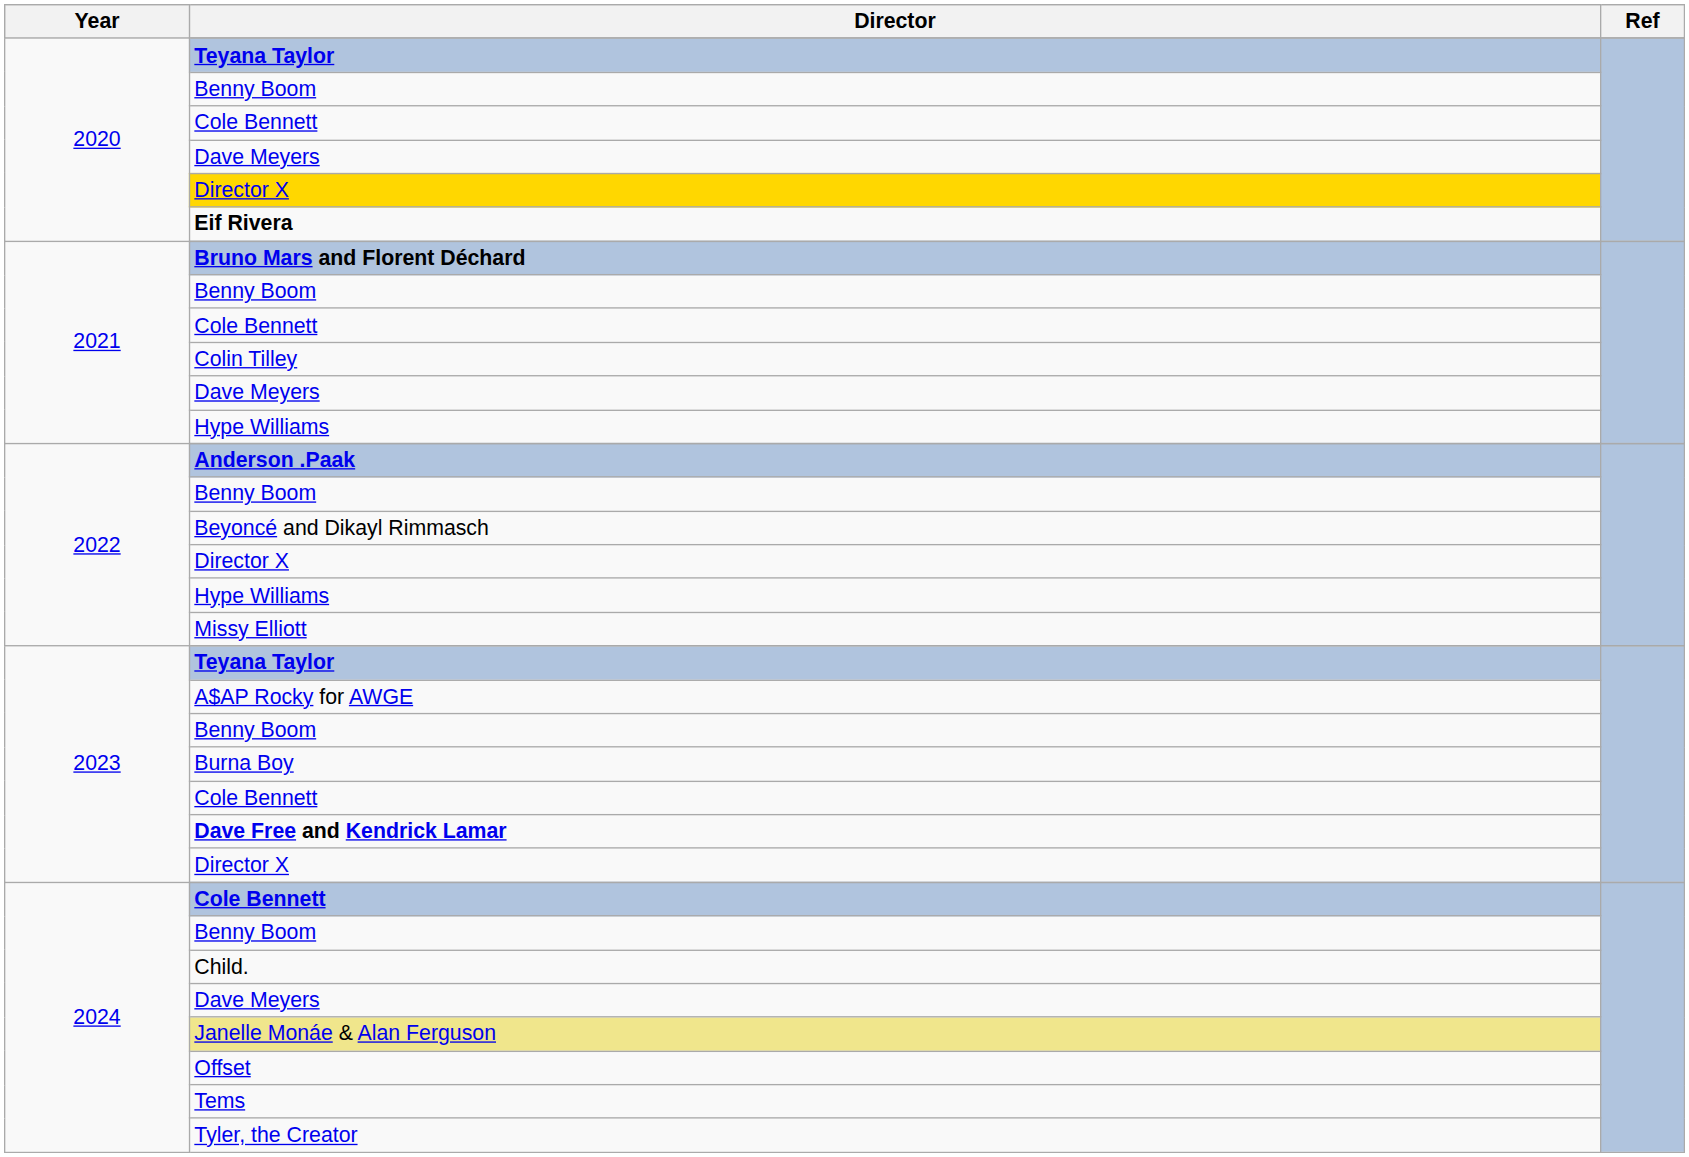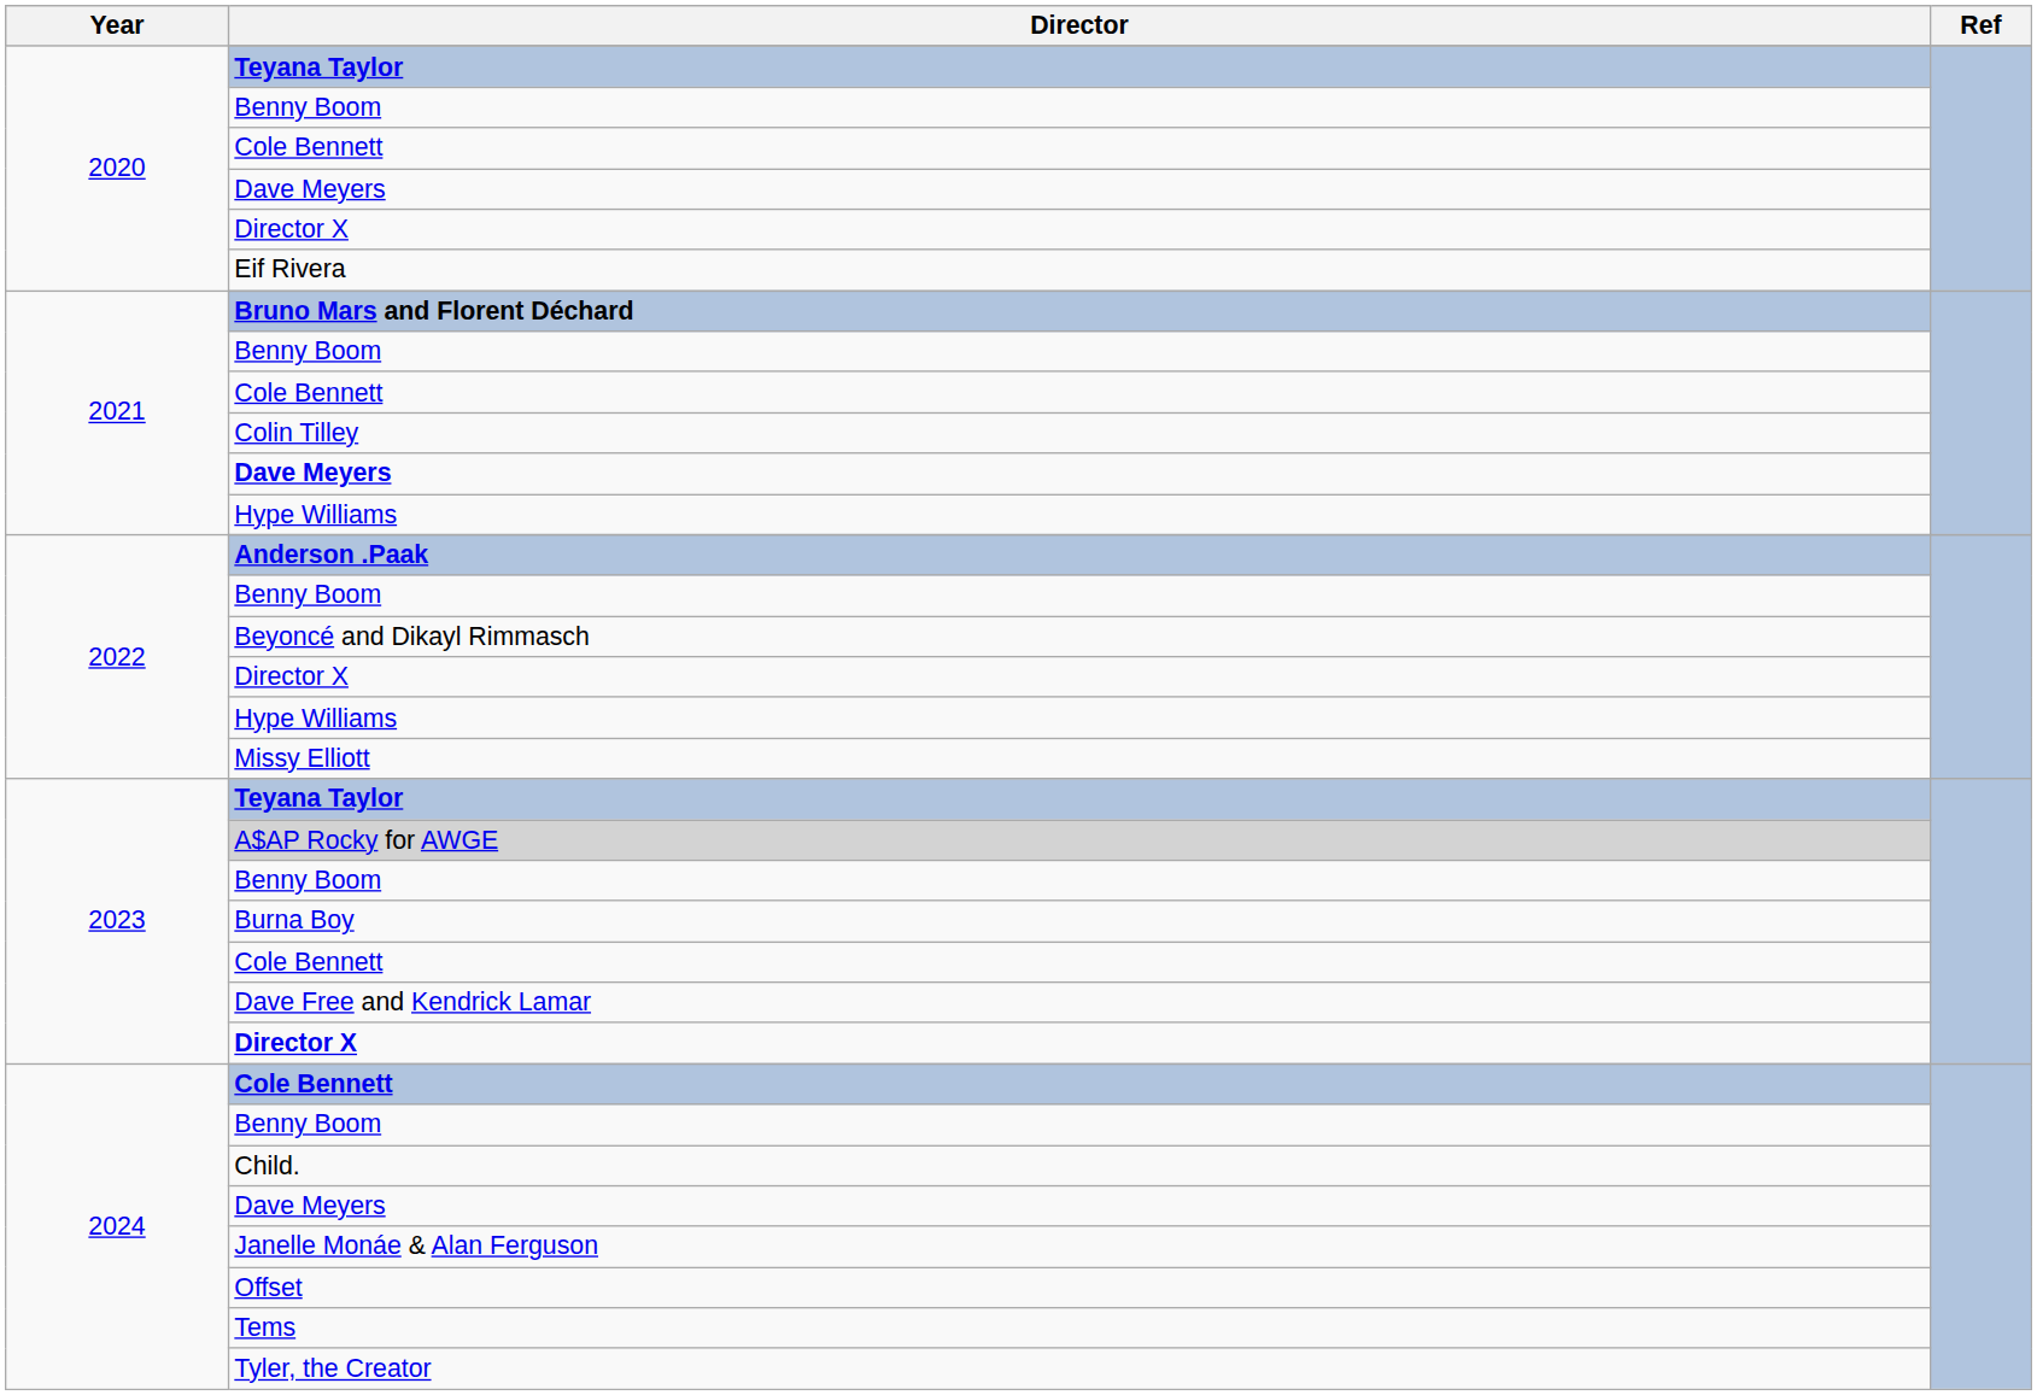 <table class="wikitable" style="width:100%;">
 <tr style="background:#bebebe;">
 <th style="width:11%;">Year</th>
 <th style="width:84%;">Director</th>
 <th style="width:5%;">Ref</th>
 </tr>
 <tr>
 <td rowspan="7" align="center"><a href='#'>2020</a></td>
 </tr>
 <tr style="background:#B0C4DE">
 <td><strong><a href='#'>Teyana Taylor</a></strong></td>
 <td rowspan="6" align="center"></td>
 </tr>
 <tr>
 <td><a href='#'>Benny Boom</a></td>
 </tr>
 <tr>
 <td><a href='#'>Cole Bennett</a></td>
 </tr>
 <tr>
 <td><a href='#'>Dave Meyers</a></td>
 </tr>
 <tr>
-<td style="background: gold;"><a href='#'>Director X</a></td>
+<td><a href='#'>Director X</a></td>
 </tr>
 <tr>
-<td><strong>Eif Rivera</strong></td>
+<td>Eif Rivera</td>
 </tr>
 <tr>
 <td rowspan="7" align="center"><a href='#'>2021</a></td>
 </tr>
 <tr style="background:#B0C4DE">
 <td><strong><a href='#'>Bruno Mars</a> and Florent Déchard</strong></td>
 <td rowspan="6" align="center"></td>
 </tr>
 <tr>
 <td><a href='#'>Benny Boom</a></td>
 </tr>
 <tr>
 <td><a href='#'>Cole Bennett</a></td>
 </tr>
 <tr>
 <td><a href='#'>Colin Tilley</a></td>
 </tr>
 <tr>
-<td><a href='#'>Dave Meyers</a></td>
+<td><strong><a href='#'>Dave Meyers</a></strong></td>
 </tr>
 <tr>
 <td><a href='#'>Hype Williams</a></td>
 </tr>
 <tr>
 <td rowspan="7" align="center"><a href='#'>2022</a></td>
 </tr>
 <tr style="background:#B0C4DE">
 <td><strong><a href='#'>Anderson .Paak</a></strong></td>
 <td rowspan="6" align="center"></td>
 </tr>
 <tr>
 <td><a href='#'>Benny Boom</a></td>
 </tr>
 <tr>
 <td><a href='#'>Beyoncé</a> and Dikayl Rimmasch</td>
 </tr>
 <tr>
 <td><a href='#'>Director X</a></td>
 </tr>
 <tr>
 <td><a href='#'>Hype Williams</a></td>
 </tr>
 <tr>
 <td><a href='#'>Missy Elliott</a></td>
 </tr>
 <tr>
 <td rowspan="8" align="center"><a href='#'>2023</a></td>
 </tr>
 <tr style="background:#B0C4DE">
 <td><strong><a href='#'>Teyana Taylor</a></strong></td>
 <td rowspan="7" align="center"></td>
 </tr>
 <tr>
-<td><a href='#'>A$AP Rocky</a> for <a href='#'>AWGE</a></td>
+<td style="background: lightgrey;"><a href='#'>A$AP Rocky</a> for <a href='#'>AWGE</a></td>
 </tr>
 <tr>
 <td><a href='#'>Benny Boom</a></td>
 </tr>
 <tr>
 <td><a href='#'>Burna Boy</a></td>
 </tr>
 <tr>
 <td><a href='#'>Cole Bennett</a></td>
 </tr>
 <tr>
-<td><strong><a href='#'>Dave Free</a> and <a href='#'>Kendrick Lamar</a></strong></td>
+<td><a href='#'>Dave Free</a> and <a href='#'>Kendrick Lamar</a></td>
 </tr>
 <tr>
-<td><a href='#'>Director X</a></td>
+<td><strong><a href='#'>Director X</a></strong></td>
 </tr>
 <tr>
 <td rowspan="9" align="center"><a href='#'>2024</a></td>
 </tr>
 <tr style="background:#B0C4DE">
 <td><strong><a href='#'>Cole Bennett</a></strong></td>
 <td rowspan="8" align="center"></td>
 </tr>
 <tr>
 <td><a href='#'>Benny Boom</a></td>
 </tr>
 <tr>
 <td>Child.</td>
 </tr>
 <tr>
 <td><a href='#'>Dave Meyers</a></td>
 </tr>
 <tr>
-<td style="background: khaki;"><a href='#'>Janelle Monáe</a> & <a href='#'>Alan Ferguson</a></td>
+<td><a href='#'>Janelle Monáe</a> & <a href='#'>Alan Ferguson</a></td>
 </tr>
 <tr>
 <td><a href='#'>Offset</a></td>
 </tr>
 <tr>
 <td><a href='#'>Tems</a></td>
 </tr>
 <tr>
 <td><a href='#'>Tyler, the Creator</a></td>
 </tr>
 </table>
